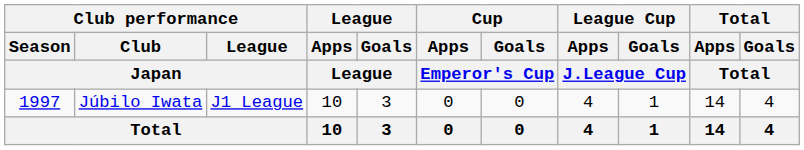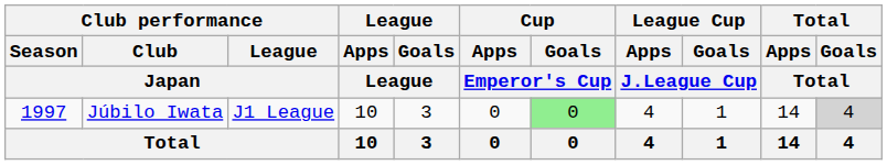 <table class="wikitable" style="text-align:center;">
 <tr>
 <th colspan=3>Club performance</th>
 <th colspan=2>League</th>
 <th colspan=2>Cup</th>
 <th colspan=2>League Cup</th>
 <th colspan=2>Total</th>
 </tr>
 <tr>
 <th>Season</th>
 <th>Club</th>
 <th>League</th>
 <th>Apps</th>
 <th>Goals</th>
 <th>Apps</th>
 <th>Goals</th>
 <th>Apps</th>
 <th>Goals</th>
 <th>Apps</th>
 <th>Goals</th>
 </tr>
 <tr>
 <th colspan=3>Japan</th>
 <th colspan=2>League</th>
 <th colspan=2><a href='#'>Emperor's Cup</a></th>
 <th colspan=2><a href='#'>J.League Cup</a></th>
 <th colspan=2>Total</th>
 </tr>
 <tr>
 <td><a href='#'>1997</a></td>
 <td><a href='#'>Júbilo Iwata</a></td>
 <td><a href='#'>J1 League</a></td>
 <td>10</td>
 <td>3</td>
 <td>0</td>
-<td>0</td>
+<td style="background: lightgreen;">0</td>
 <td>4</td>
 <td>1</td>
 <td>14</td>
-<td>4</td>
+<td style="background: lightgrey;">4</td>
 </tr>
 <tr>
 <th colspan=3>Total</th>
 <th>10</th>
 <th>3</th>
 <th>0</th>
 <th>0</th>
 <th>4</th>
 <th>1</th>
 <th>14</th>
 <th>4</th>
 </tr>
 </table>
